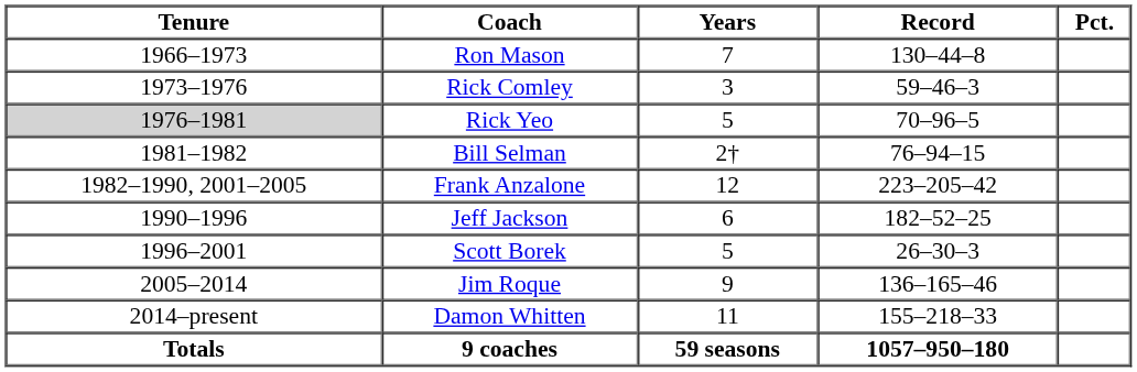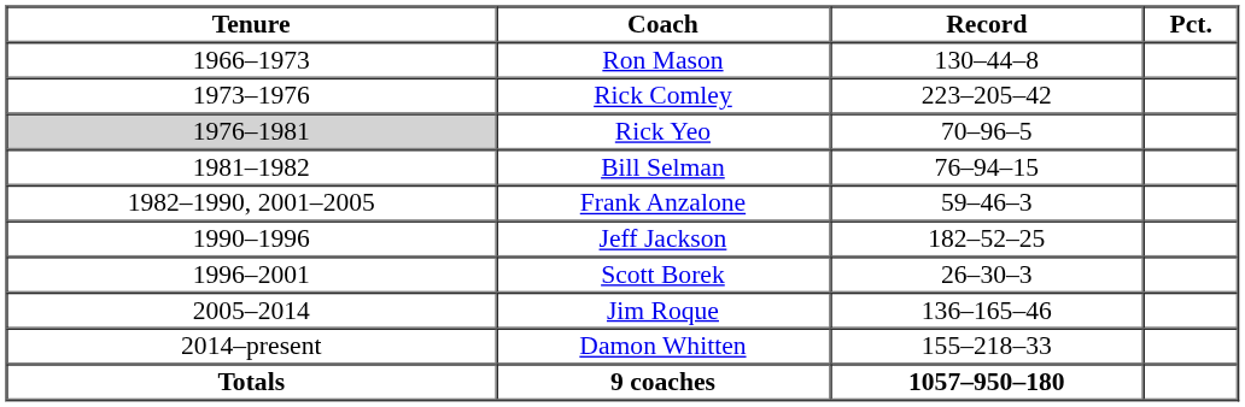 <table cellpadding="1" border="1" cellspacing="0" width="60%">
 <tr>
 <th>Tenure</th>
 <th>Coach</th>
-<th>Years</th>
 <th>Record</th>
 <th>Pct.</th>
 </tr>
 <tr align="center">
 <td>1966–1973</td>
 <td><a href='#'>Ron Mason</a></td>
-<td>7</td>
 <td>130–44–8</td>
 <td></td>
 </tr>
 <tr align="center">
 <td>1973–1976</td>
 <td><a href='#'>Rick Comley</a></td>
-<td>3</td>
-<td>59–46–3</td>
+<td>223–205–42</td>
 <td></td>
 </tr>
 <tr align="center">
 <td style="background: lightgrey;">1976–1981</td>
 <td><a href='#'>Rick Yeo</a></td>
-<td>5</td>
 <td>70–96–5</td>
 <td></td>
 </tr>
 <tr align="center">
 <td>1981–1982</td>
 <td><a href='#'>Bill Selman</a></td>
-<td>2†</td>
 <td>76–94–15</td>
 <td></td>
 </tr>
 <tr align="center">
 <td>1982–1990, 2001–2005</td>
 <td><a href='#'>Frank Anzalone</a></td>
-<td>12</td>
-<td>223–205–42</td>
+<td>59–46–3</td>
 <td></td>
 </tr>
 <tr align="center">
 <td>1990–1996</td>
 <td><a href='#'>Jeff Jackson</a></td>
-<td>6</td>
 <td>182–52–25</td>
 <td></td>
 </tr>
 <tr align="center">
 <td>1996–2001</td>
 <td><a href='#'>Scott Borek</a></td>
-<td>5</td>
 <td>26–30–3</td>
 <td></td>
 </tr>
 <tr align="center">
 <td>2005–2014</td>
 <td><a href='#'>Jim Roque</a></td>
-<td>9</td>
 <td>136–165–46</td>
 <td></td>
 </tr>
 <tr align="center">
 <td>2014–present</td>
 <td><a href='#'>Damon Whitten</a></td>
-<td>11</td>
 <td>155–218–33</td>
 <td></td>
 </tr>
 <tr align=center>
 <th>Totals</th>
 <th>9 coaches</th>
-<th>59 seasons</th>
 <th>1057–950–180</th>
 <th></th>
 </tr>
 </table>
